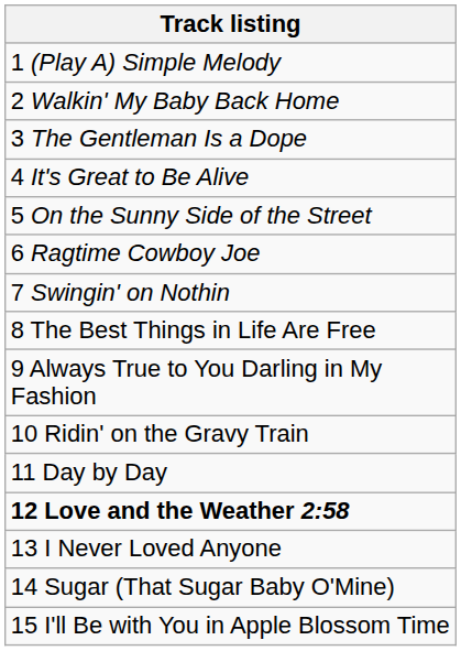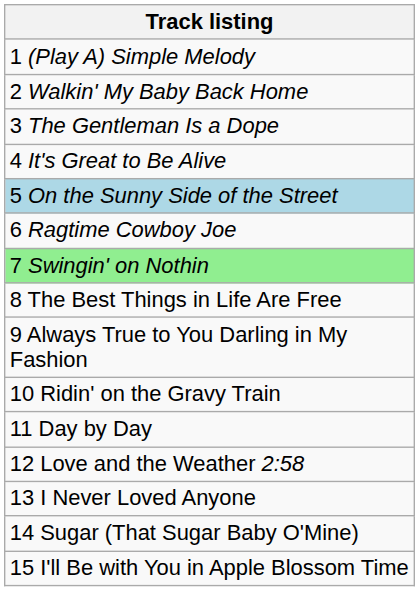 <table class="wikitable collapsible collapsed" style="width:300px;">
 <tr>
 <th>Track listing</th>
 </tr>
 <tr>
 <td>1 <em>(Play A) Simple Melody</em></td>
 </tr>
 <tr>
 <td>2 <em>Walkin' My Baby Back Home</em></td>
 </tr>
 <tr>
 <td>3 <em>The Gentleman Is a Dope</em></td>
 </tr>
 <tr>
 <td>4 <em>It's Great to Be Alive</em></td>
 </tr>
 <tr>
-<td>5 <em>On the Sunny Side of the Street</em></td>
+<td style="background: lightblue;">5 <em>On the Sunny Side of the Street</em></td>
 </tr>
 <tr>
 <td>6 <em>Ragtime Cowboy Joe</em></td>
 </tr>
 <tr>
-<td>7 <em>Swingin' on Nothin<strong></td>
+<td style="background: lightgreen;">7 <em>Swingin' on Nothin<strong></td>
 </tr>
 <tr>
 <td>8 </em>The Best Things in Life Are Free<em></td>
 </tr>
 <tr>
 <td>9 </em>Always True to You Darling in My Fashion<em></td>
 </tr>
 <tr>
 <td>10 </em>Ridin' on the Gravy Train<em></td>
 </tr>
 <tr>
 <td>11 </em>Day by Day<em></td>
 </tr>
 <tr>
-<td><strong>12 </em>Love and the Weather<em>		2:58</strong></td>
+<td>12 </em>Love and the Weather<em>		2:58</td>
 </tr>
 <tr>
 <td>13 </em>I Never Loved Anyone<em></td>
 </tr>
 <tr>
 <td>14 </em>Sugar (That Sugar Baby O'Mine)<em></td>
 </tr>
 <tr>
 <td>15 </em>I'll Be with You in Apple Blossom Time<em></td>
 </tr>
 </table>
